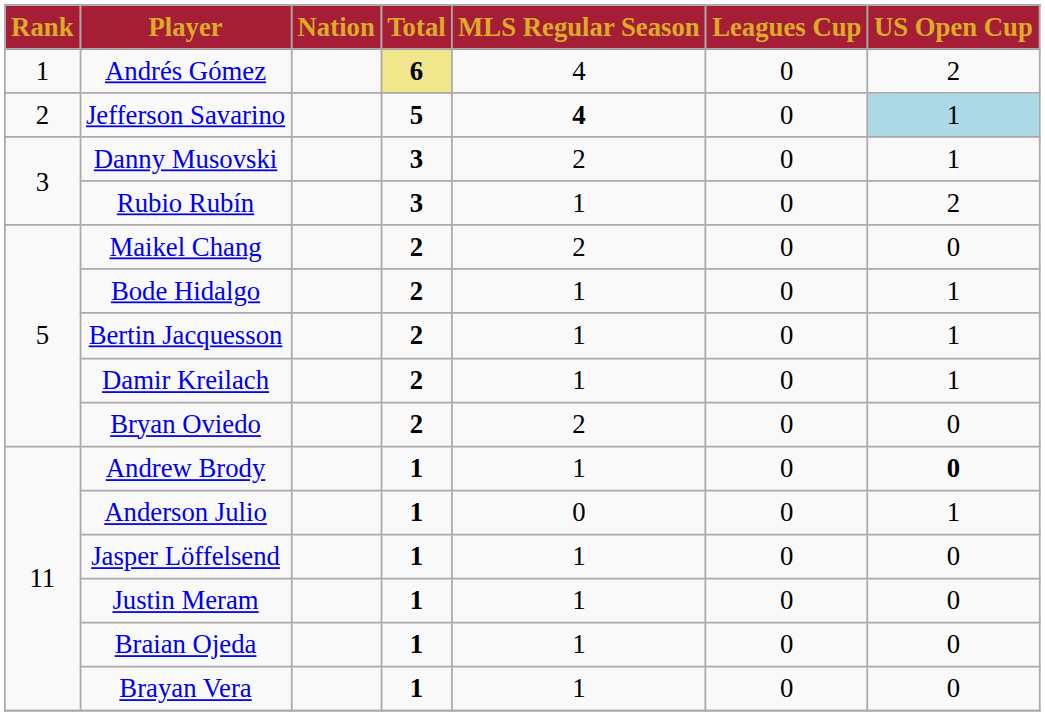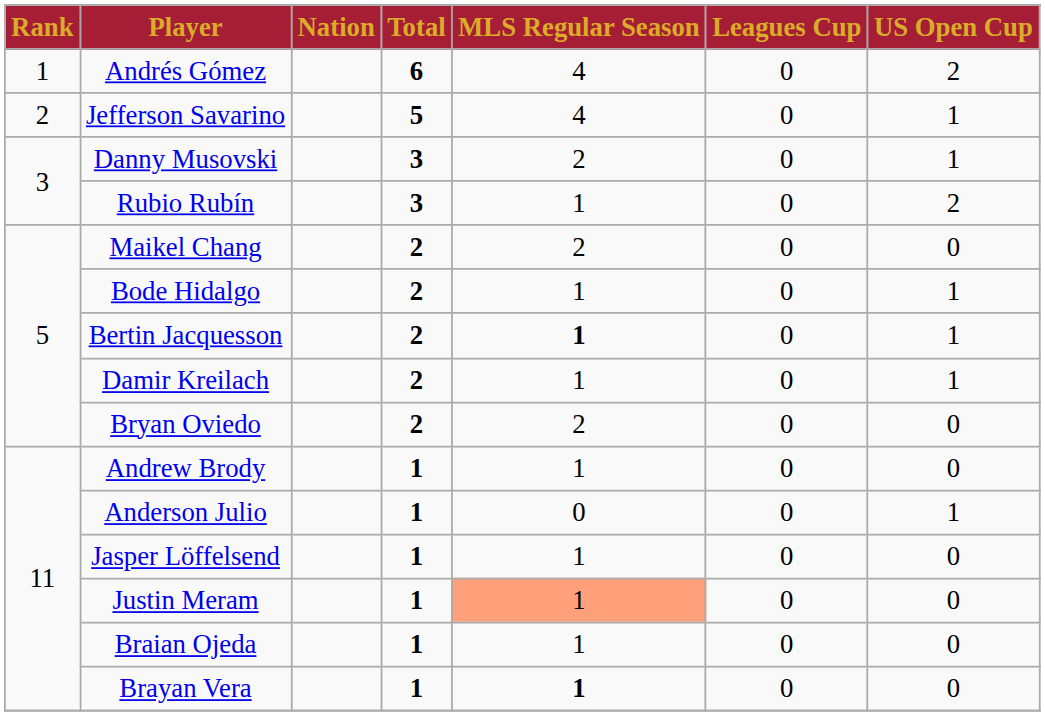 <table class="wikitable" style="font-size: 95%; text-align: center;">
 <tr>
 </tr>
 <tr>
 <th style="background:#A51E36; color:#DAAC27; text-align:center;">Rank</th>
 <th style="background:#A51E36; color:#DAAC27; text-align:center;">Player</th>
 <th style="background:#A51E36; color:#DAAC27; text-align:center;">Nation</th>
 <th style="background:#A51E36; color:#DAAC27; text-align:center;">Total</th>
 <th style="background:#A51E36; color:#DAAC27; text-align:center;">MLS Regular Season</th>
 <th style="background:#A51E36; color:#DAAC27; text-align:center;">Leagues Cup</th>
 <th style="background:#A51E36; color:#DAAC27; text-align:center;">US Open Cup</th>
 </tr>
 <tr>
 <td rowspan="1">1</td>
 <td><a href='#'>Andrés Gómez</a></td>
 <td></td>
-<td style="background: khaki;"><strong>6</strong></td>
+<td><strong>6</strong></td>
 <td>4</td>
 <td>0</td>
 <td>2</td>
 </tr>
 <tr>
 <td rowspan="1">2</td>
 <td><a href='#'>Jefferson Savarino</a></td>
 <td></td>
 <td><strong>5</strong></td>
-<td><strong>4</strong></td>
+<td>4</td>
 <td>0</td>
-<td style="background: lightblue;">1</td>
+<td>1</td>
 </tr>
 <tr>
 <td rowspan="2">3</td>
 <td><a href='#'>Danny Musovski</a></td>
 <td></td>
 <td><strong>3</strong></td>
 <td>2</td>
 <td>0</td>
 <td>1</td>
 </tr>
 <tr>
 <td><a href='#'>Rubio Rubín</a></td>
 <td></td>
 <td><strong>3</strong></td>
 <td>1</td>
 <td>0</td>
 <td>2</td>
 </tr>
 <tr>
 <td rowspan="5">5</td>
 <td><a href='#'>Maikel Chang</a></td>
 <td></td>
 <td><strong>2</strong></td>
 <td>2</td>
 <td>0</td>
 <td>0</td>
 </tr>
 <tr>
 <td><a href='#'>Bode Hidalgo</a></td>
 <td></td>
 <td><strong>2</strong></td>
 <td>1</td>
 <td>0</td>
 <td>1</td>
 </tr>
 <tr>
 <td><a href='#'>Bertin Jacquesson</a></td>
 <td></td>
 <td><strong>2</strong></td>
-<td>1</td>
+<td><strong>1</strong></td>
 <td>0</td>
 <td>1</td>
 </tr>
 <tr>
 <td><a href='#'>Damir Kreilach</a></td>
 <td></td>
 <td><strong>2</strong></td>
 <td>1</td>
 <td>0</td>
 <td>1</td>
 </tr>
 <tr>
 <td><a href='#'>Bryan Oviedo</a></td>
 <td></td>
 <td><strong>2</strong></td>
 <td>2</td>
 <td>0</td>
 <td>0</td>
 </tr>
 <tr>
 <td rowspan="6">11</td>
 <td><a href='#'>Andrew Brody</a></td>
 <td></td>
 <td><strong>1</strong></td>
 <td>1</td>
 <td>0</td>
-<td><strong>0</strong></td>
+<td>0</td>
 </tr>
 <tr>
 <td><a href='#'>Anderson Julio</a></td>
 <td></td>
 <td><strong>1</strong></td>
 <td>0</td>
 <td>0</td>
 <td>1</td>
 </tr>
 <tr>
 <td><a href='#'>Jasper Löffelsend</a></td>
 <td></td>
 <td><strong>1</strong></td>
 <td>1</td>
 <td>0</td>
 <td>0</td>
 </tr>
 <tr>
 <td><a href='#'>Justin Meram</a></td>
 <td></td>
 <td><strong>1</strong></td>
-<td>1</td>
+<td style="background: lightsalmon;">1</td>
 <td>0</td>
 <td>0</td>
 </tr>
 <tr>
 <td><a href='#'>Braian Ojeda</a></td>
 <td></td>
 <td><strong>1</strong></td>
 <td>1</td>
 <td>0</td>
 <td>0</td>
 </tr>
 <tr>
 <td><a href='#'>Brayan Vera</a></td>
 <td></td>
 <td><strong>1</strong></td>
-<td>1</td>
+<td><strong>1</strong></td>
 <td>0</td>
 <td>0</td>
 </tr>
 <tr>
 </tr>
 </table>
